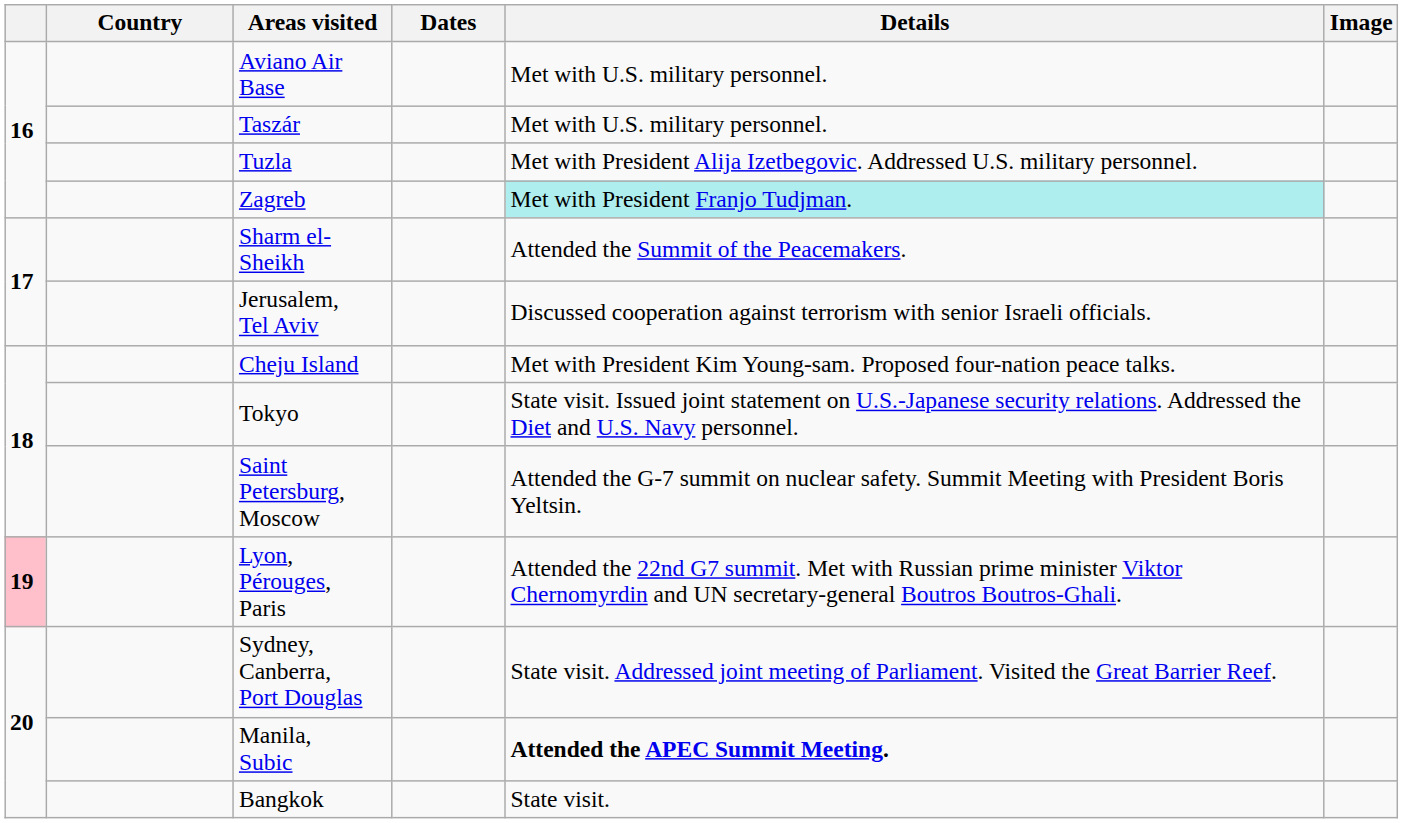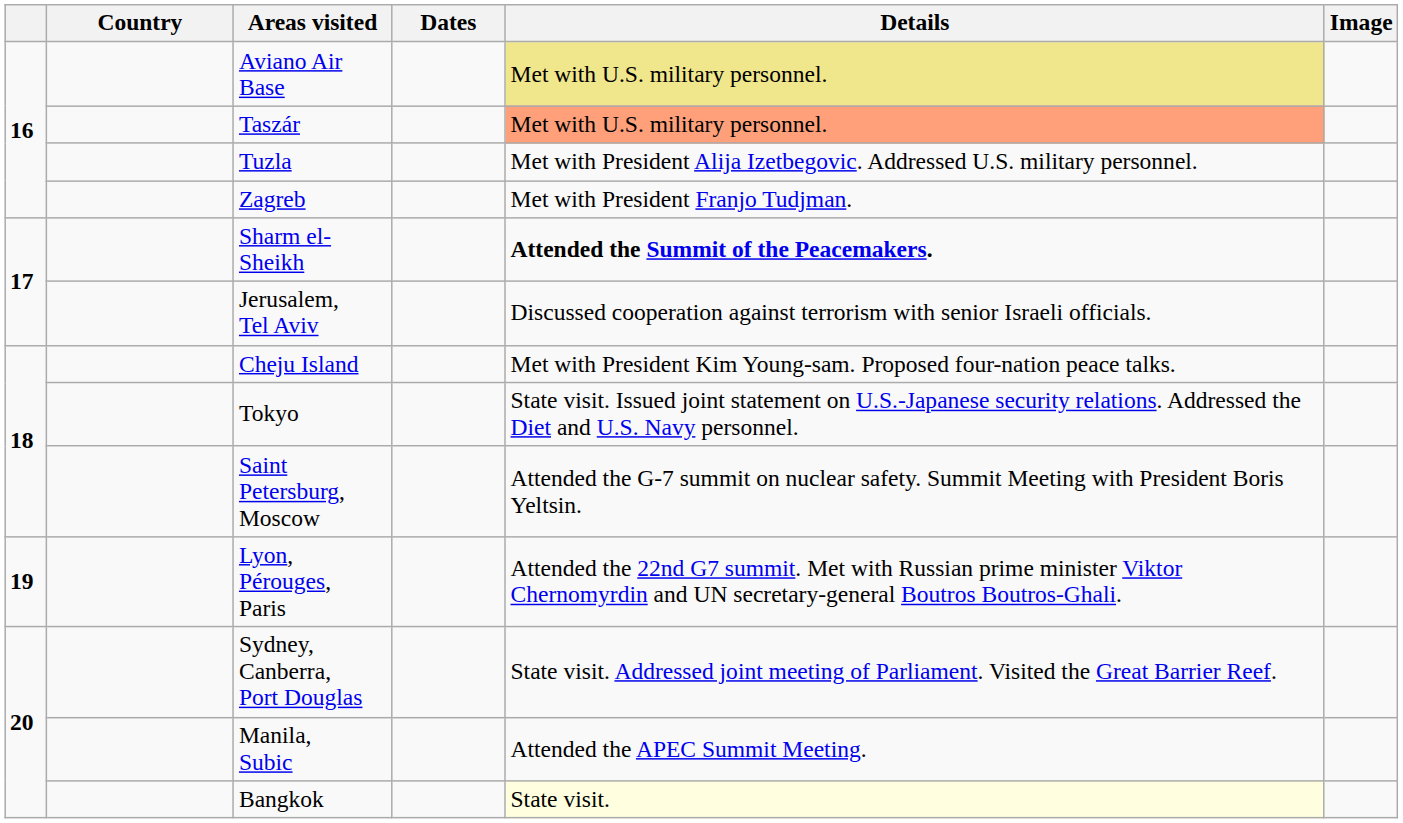 <table class="wikitable sortable" border="1" style="margin: 1em auto 1em auto">
 <tr>
 <th style="width: 3%;"></th>
 <th width=120>Country</th>
 <th width=100>Areas visited</th>
 <th width=70>Dates</th>
 <th width=550>Details</th>
 <th>Image</th>
 </tr>
 <tr>
 <td rowspan=4><strong>16</strong></td>
 <td></td>
 <td><a href='#'>Aviano Air Base</a></td>
 <td></td>
-<td>Met with U.S. military personnel.</td>
+<td style="background: khaki;">Met with U.S. military personnel.</td>
 <td></td>
 </tr>
 <tr>
 <td></td>
 <td><a href='#'>Taszár</a></td>
 <td></td>
-<td>Met with U.S. military personnel.</td>
+<td style="background: lightsalmon;">Met with U.S. military personnel.</td>
 <td></td>
 </tr>
 <tr>
 <td></td>
 <td><a href='#'>Tuzla</a></td>
 <td></td>
 <td>Met with President <a href='#'>Alija Izetbegovic</a>. Addressed U.S. military personnel.</td>
 <td></td>
 </tr>
 <tr>
 <td></td>
 <td><a href='#'>Zagreb</a></td>
 <td></td>
-<td style="background: paleturquoise;">Met with President <a href='#'>Franjo Tudjman</a>.</td>
+<td>Met with President <a href='#'>Franjo Tudjman</a>.</td>
 <td></td>
 </tr>
 <tr>
 <td rowspan=2><strong>17</strong></td>
 <td></td>
 <td><a href='#'>Sharm el-Sheikh</a></td>
 <td></td>
-<td>Attended the <a href='#'>Summit of the Peacemakers</a>.</td>
+<td><strong>Attended the <a href='#'>Summit of the Peacemakers</a>.</strong></td>
 <td></td>
 </tr>
 <tr>
 <td></td>
 <td>Jerusalem,<br><a href='#'>Tel Aviv</a></td>
 <td></td>
 <td>Discussed cooperation against terrorism with senior Israeli officials.</td>
 <td></td>
 </tr>
 <tr>
 <td rowspan=3><strong>18</strong></td>
 <td></td>
 <td><a href='#'>Cheju Island</a></td>
 <td></td>
 <td>Met with President Kim Young-sam. Proposed four-nation peace talks.</td>
 <td></td>
 </tr>
 <tr>
 <td></td>
 <td>Tokyo</td>
 <td></td>
 <td>State visit. Issued joint statement on <a href='#'>U.S.-Japanese security relations</a>. Addressed the <a href='#'>Diet</a> and <a href='#'>U.S. Navy</a> personnel.</td>
 <td></td>
 </tr>
 <tr>
 <td></td>
 <td><a href='#'>Saint Petersburg</a>,<br>Moscow</td>
 <td></td>
 <td>Attended the G-7 summit on nuclear safety. Summit Meeting with President Boris Yeltsin.</td>
 <td></td>
 </tr>
 <tr>
-<td style="background: pink;"><strong>19</strong></td>
+<td><strong>19</strong></td>
 <td></td>
 <td><a href='#'>Lyon</a>,<br><a href='#'>Pérouges</a>,<br>Paris</td>
 <td></td>
 <td>Attended the <a href='#'>22nd G7 summit</a>. Met with Russian prime minister <a href='#'>Viktor Chernomyrdin</a> and UN secretary-general <a href='#'>Boutros Boutros-Ghali</a>.</td>
 <td></td>
 </tr>
 <tr>
 <td rowspan=3><strong>20</strong></td>
 <td></td>
 <td>Sydney,<br>Canberra,<br><a href='#'>Port Douglas</a></td>
 <td></td>
 <td>State visit. <a href='#'>Addressed joint meeting of Parliament</a>. Visited the <a href='#'>Great Barrier Reef</a>.</td>
 <td></td>
 </tr>
 <tr>
 <td></td>
 <td>Manila,<br><a href='#'>Subic</a></td>
 <td></td>
-<td><strong>Attended the <a href='#'>APEC Summit Meeting</a>.</strong></td>
+<td>Attended the <a href='#'>APEC Summit Meeting</a>.</td>
 <td></td>
 </tr>
 <tr>
 <td></td>
 <td>Bangkok</td>
 <td></td>
-<td>State visit.</td>
+<td style="background: lightyellow;">State visit.</td>
 <td></td>
 </tr>
 </table>
